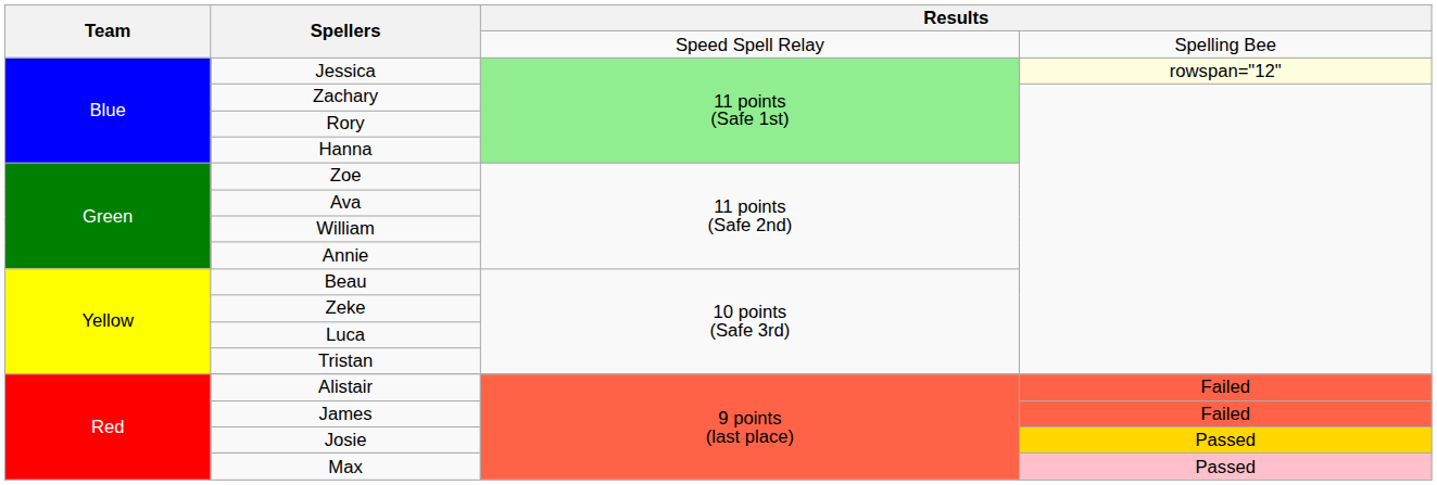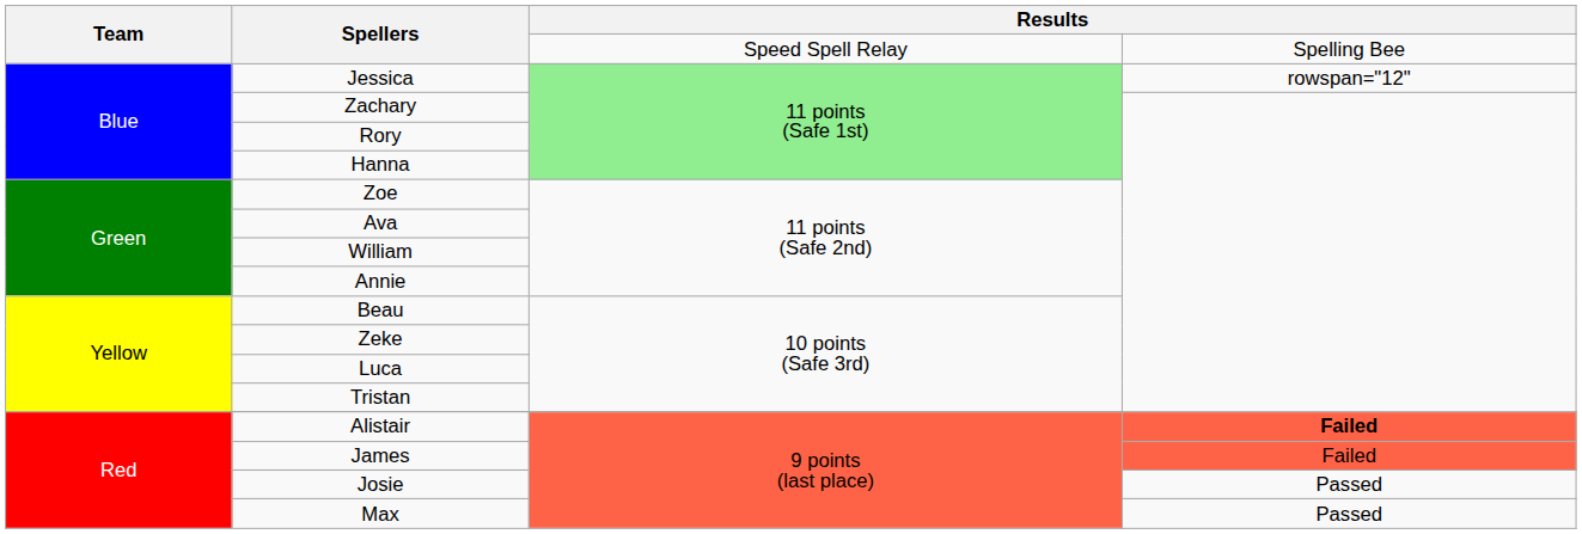 <table class="wikitable plainrowheaders" style="text-align:center; line-height:16px; width:100%;">
 <tr>
 <th rowspan="2">Team</th>
 <th rowspan="2">Spellers</th>
 <th colspan="2">Results</th>
 </tr>
 <tr>
 <td>Speed Spell Relay</td>
 <td>Spelling Bee</td>
 </tr>
 <tr>
 <td rowspan="4" style="background: blue; color: white;">Blue</td>
 <td>Jessica</td>
 <td rowspan="4" style="background: lightgreen; color: black;">11 points<br>(Safe 1st)</td>
-<td style="background: lightyellow;">rowspan="12" </td>
+<td>rowspan="12" </td>
 </tr>
 <tr>
 <td>Zachary </td>
 </tr>
 <tr>
 <td>Rory </td>
 </tr>
 <tr>
 <td>Hanna </td>
 </tr>
 <tr>
 <td rowspan="4" style="background: green; color: white;">Green</td>
 <td>Zoe</td>
 <td rowspan="4">11 points<br>(Safe 2nd)</td>
 </tr>
 <tr>
 <td>Ava </td>
 </tr>
 <tr>
 <td>William </td>
 </tr>
 <tr>
 <td>Annie </td>
 </tr>
 <tr>
 <td rowspan="4" style="background: yellow; color: black;">Yellow</td>
 <td>Beau</td>
 <td rowspan="4">10 points<br>(Safe 3rd)</td>
 </tr>
 <tr>
 <td>Zeke </td>
 </tr>
 <tr>
 <td>Luca </td>
 </tr>
 <tr>
 <td>Tristan </td>
 </tr>
 <tr>
 <td rowspan="5" style="background: red; color: white;">Red</td>
 </tr>
 <tr>
 <td>Alistair </td>
 <td rowspan="4" style="background: tomato; color: black;">9 points<br>(last place)</td>
-<td style="background: tomato; color: black;">Failed</td>
+<td style="background: tomato; color: black;"><strong>Failed</strong></td>
 </tr>
 <tr>
 <td>James </td>
 <td style="background: tomato; color: black;">Failed</td>
 </tr>
 <tr>
 <td>Josie </td>
-<td style="background: gold;">Passed</td>
+<td>Passed</td>
 </tr>
 <tr>
 <td>Max </td>
-<td style="background: pink;">Passed</td>
+<td>Passed</td>
 </tr>
 </table>
